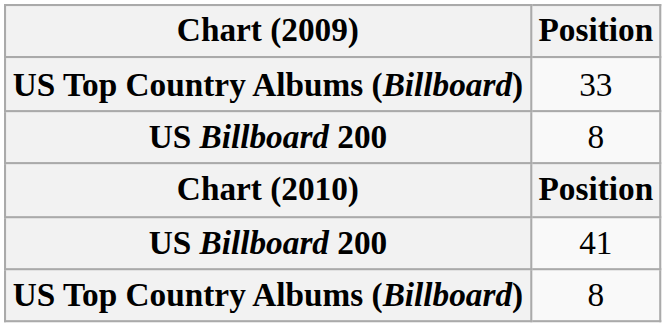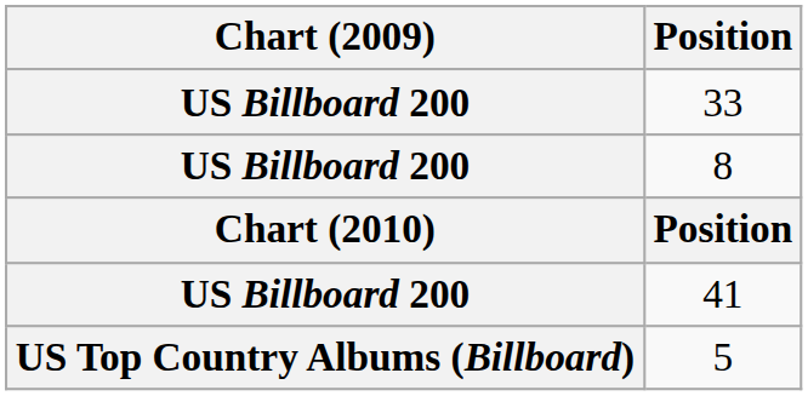 <table class="wikitable plainrowheaders" style="text-align:center">
 <tr>
 <th scope="col">Chart (2009)</th>
 <th scope="col">Position</th>
 </tr>
 <tr>
-<th scope="row">US Top Country Albums (<em>Billboard</em>)</th>
+<th scope="row">US <em>Billboard</em> 200</th>
 <td>33</td>
 </tr>
 <tr>
 <th scope="row">US <em>Billboard</em> 200</th>
 <td>8</td>
 </tr>
 <tr>
 <th scope="col">Chart (2010)</th>
 <th scope="col">Position</th>
 </tr>
 <tr>
 <th scope="row">US <em>Billboard</em> 200</th>
 <td>41</td>
 </tr>
 <tr>
 <th scope="row">US Top Country Albums (<em>Billboard</em>)</th>
-<td>8</td>
+<td>5</td>
 </tr>
 </table>
